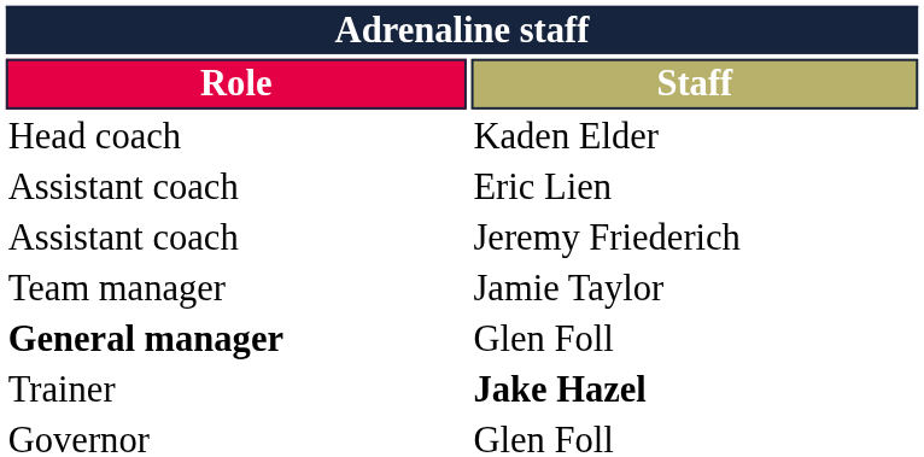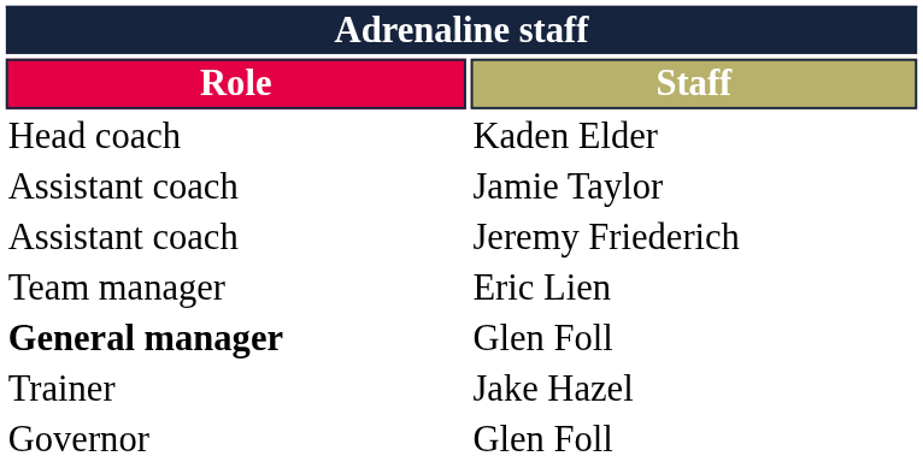 <table class="toccolours" style="width:25em">
 <tr>
 <th colspan="2" style="background:#17243d;color:white;border-top:#17243d 1px solid; border-bottom:#17243d">Adrenaline staff</th>
 </tr>
 <tr>
 <th style="background:#e50046;color:white;border:#17243d 1px solid">Role</th>
 <th style="background:#b7b16b;color:white;border:#17243d 1px solid">Staff</th>
 </tr>
 <tr>
 <td>Head coach</td>
 <td> Kaden Elder</td>
 </tr>
 <tr>
 <td>Assistant coach</td>
-<td> Eric Lien</td>
+<td> Jamie Taylor</td>
 </tr>
 <tr>
 <td>Assistant coach</td>
 <td> Jeremy Friederich</td>
 </tr>
 <tr>
 <td>Team manager</td>
-<td> Jamie Taylor</td>
+<td> Eric Lien</td>
 </tr>
 <tr>
 <td><strong>General manager</strong></td>
 <td> Glen Foll</td>
 </tr>
 <tr>
 <td>Trainer</td>
-<td><strong> Jake Hazel</strong></td>
+<td> Jake Hazel</td>
 </tr>
 <tr>
 <td>Governor</td>
 <td> Glen Foll</td>
 </tr>
 <tr>
 </tr>
 </table>
